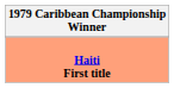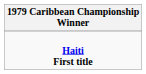 <table class="wikitable" style="text-align: center; margin: 0 auto;">
 <tr>
 <th>1979 Caribbean Championship<br>Winner</th>
 </tr>
 <tr>
 </tr>
 <tr>
-<td align=center style="background: lightsalmon;"><br><strong><a href='#'>Haiti</a></strong><br><strong>First title</strong></td>
+<td align=center><br><strong><a href='#'>Haiti</a></strong><br><strong>First title</strong></td>
 </tr>
 </table>
